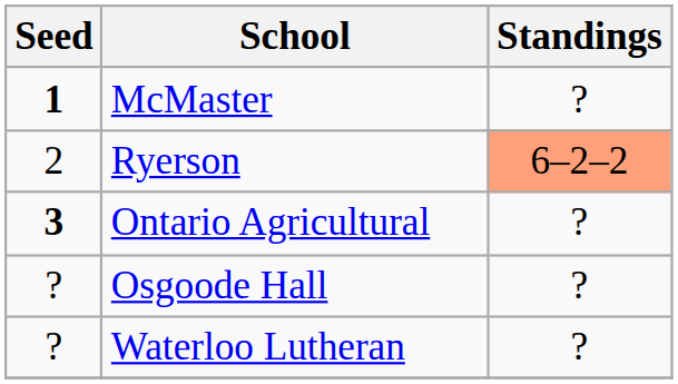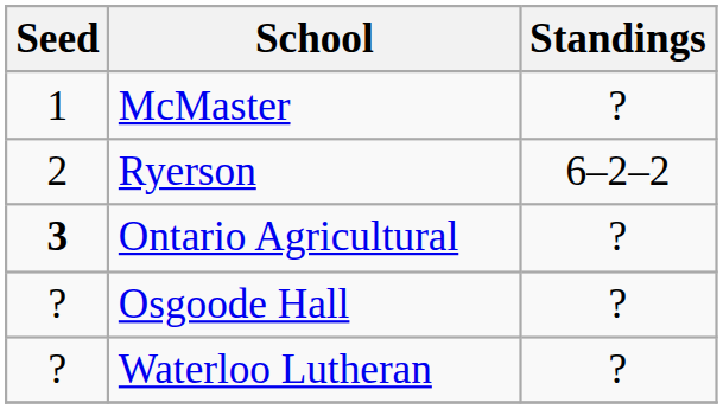 <table class="wikitable">
 <tr>
 <th>Seed</th>
 <th style="width:150px">School</th>
 <th>Standings</th>
 </tr>
 <tr>
-<td align=center><strong>1</strong></td>
+<td align=center>1</td>
 <td><a href='#'>McMaster</a></td>
 <td align=center>?</td>
 </tr>
 <tr>
 <td align=center>2</td>
 <td><a href='#'>Ryerson</a></td>
-<td align=center style="background: lightsalmon;">6–2–2</td>
+<td align=center>6–2–2</td>
 </tr>
 <tr>
 <td align=center><strong>3</strong></td>
 <td><a href='#'>Ontario Agricultural</a></td>
 <td align=center>?</td>
 </tr>
 <tr>
 <td align=center>?</td>
 <td><a href='#'>Osgoode Hall</a></td>
 <td align=center>?</td>
 </tr>
 <tr>
 <td align=center>?</td>
 <td><a href='#'>Waterloo Lutheran</a></td>
 <td align=center>?</td>
 </tr>
 <tr>
 </tr>
 </table>
